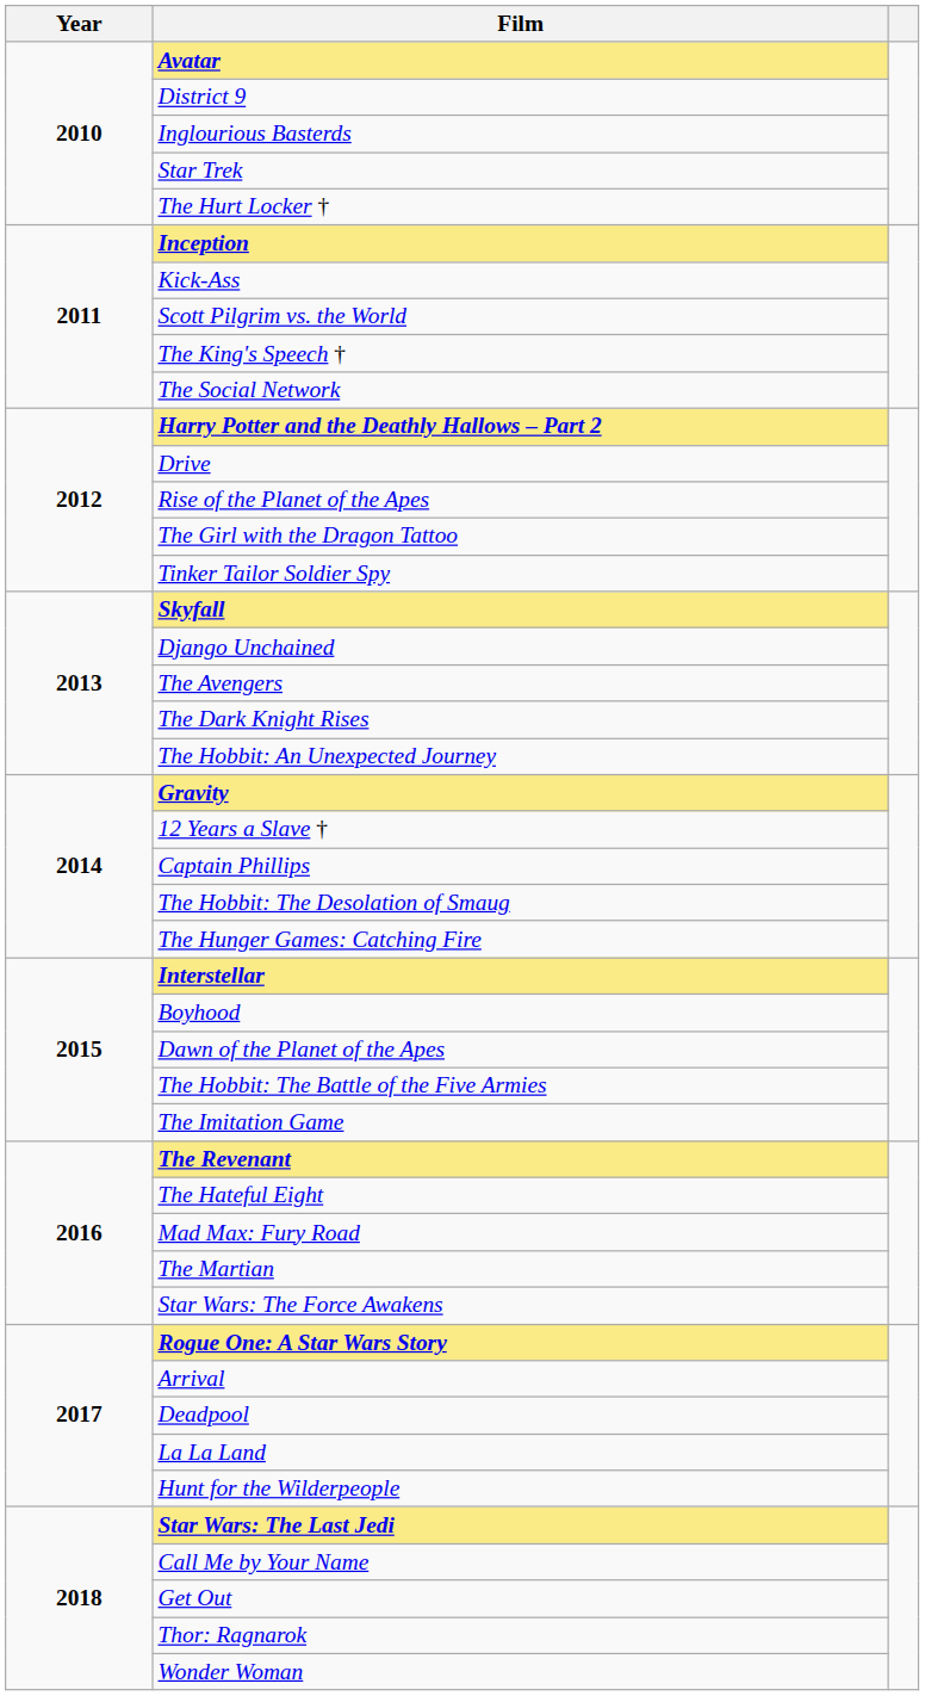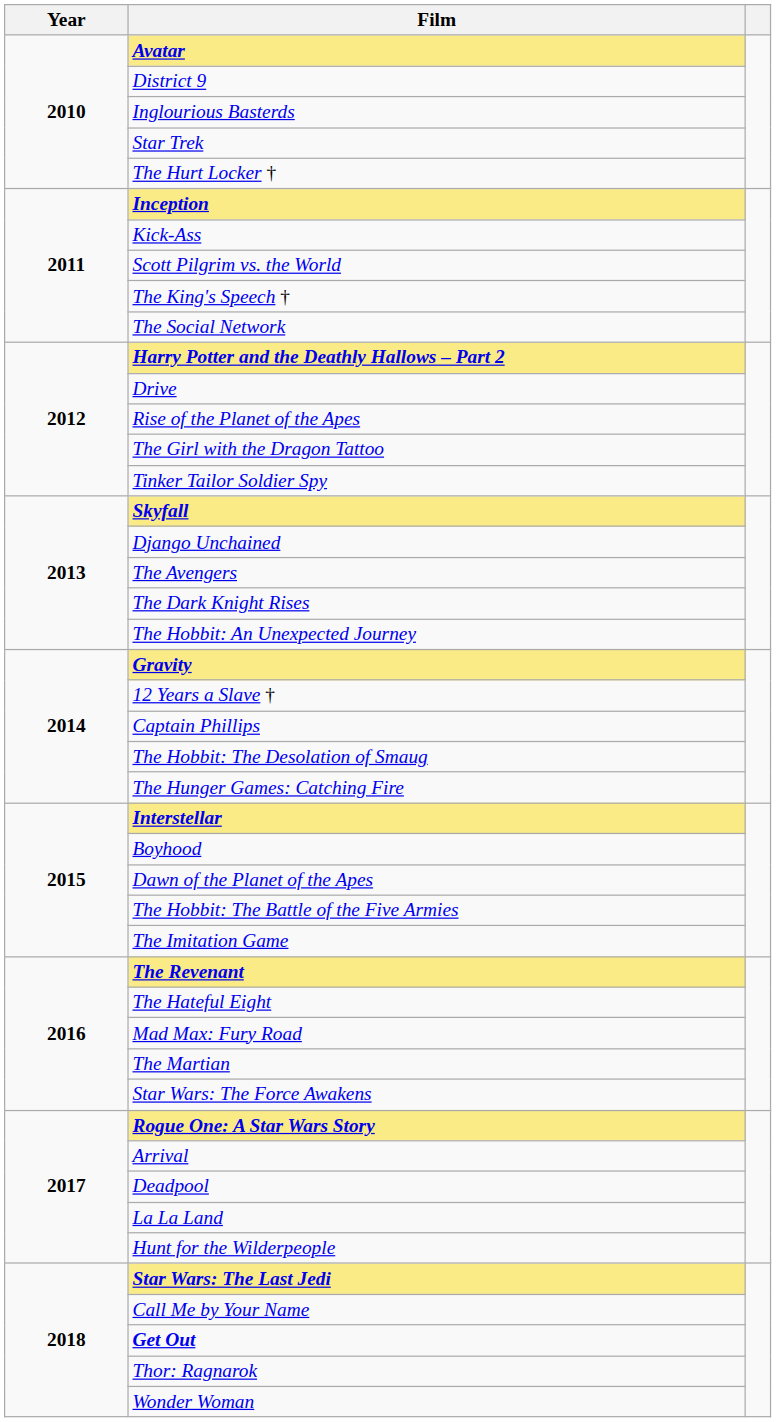 <table class="wikitable" width="40%">
 <tr>
 <th width="10%">Year</th>
 <th width="50%">Film</th>
 <th width="2%"></th>
 </tr>
 <tr>
 <td rowspan="5" style="text-align:center"><strong>2010<br> </strong></td>
 <td style="background:#FAEB86"><strong><em><a href='#'>Avatar</a></em></strong></td>
 <td rowspan="5" style="text-align:center"></td>
 </tr>
 <tr>
 <td><em><a href='#'>District 9</a></em></td>
 </tr>
 <tr>
 <td><em><a href='#'>Inglourious Basterds</a></em></td>
 </tr>
 <tr>
 <td><em><a href='#'>Star Trek</a></em></td>
 </tr>
 <tr>
 <td><em><a href='#'>The Hurt Locker</a></em> †</td>
 </tr>
 <tr>
 <td rowspan="5" style="text-align:center"><strong>2011<br> </strong></td>
 <td style="background:#FAEB86"><strong><em><a href='#'>Inception</a></em></strong></td>
 <td rowspan="5" style="text-align:center"></td>
 </tr>
 <tr>
 <td><em><a href='#'>Kick-Ass</a></em></td>
 </tr>
 <tr>
 <td><em><a href='#'>Scott Pilgrim vs. the World</a></em></td>
 </tr>
 <tr>
 <td><em><a href='#'>The King's Speech</a></em> †</td>
 </tr>
 <tr>
 <td><em><a href='#'>The Social Network</a></em></td>
 </tr>
 <tr>
 <td rowspan="5" style="text-align:center"><strong>2012<br> </strong></td>
 <td style="background:#FAEB86"><strong><em><a href='#'>Harry Potter and the Deathly Hallows – Part 2</a></em></strong></td>
 <td rowspan="5" style="text-align:center"></td>
 </tr>
 <tr>
 <td><em><a href='#'>Drive</a></em></td>
 </tr>
 <tr>
 <td><em><a href='#'>Rise of the Planet of the Apes</a></em></td>
 </tr>
 <tr>
 <td><em><a href='#'>The Girl with the Dragon Tattoo</a></em></td>
 </tr>
 <tr>
 <td><em><a href='#'>Tinker Tailor Soldier Spy</a></em></td>
 </tr>
 <tr>
 <td rowspan="5" style="text-align:center"><strong>2013<br> </strong></td>
 <td style="background:#FAEB86"><strong><em><a href='#'>Skyfall</a></em></strong></td>
 <td rowspan="5" style="text-align:center"></td>
 </tr>
 <tr>
 <td><em><a href='#'>Django Unchained</a></em></td>
 </tr>
 <tr>
 <td><em><a href='#'>The Avengers</a></em></td>
 </tr>
 <tr>
 <td><em><a href='#'>The Dark Knight Rises</a></em></td>
 </tr>
 <tr>
 <td><em><a href='#'>The Hobbit: An Unexpected Journey</a></em></td>
 </tr>
 <tr>
 <td rowspan="5" style="text-align:center"><strong>2014<br> </strong></td>
 <td style="background:#FAEB86"><strong><em><a href='#'>Gravity</a></em></strong></td>
 <td rowspan="5" style="text-align:center"></td>
 </tr>
 <tr>
 <td><em><a href='#'>12 Years a Slave</a></em> †</td>
 </tr>
 <tr>
 <td><em><a href='#'>Captain Phillips</a></em></td>
 </tr>
 <tr>
 <td><em><a href='#'>The Hobbit: The Desolation of Smaug</a></em></td>
 </tr>
 <tr>
 <td><em><a href='#'>The Hunger Games: Catching Fire</a></em></td>
 </tr>
 <tr>
 <td rowspan="5" style="text-align:center"><strong>2015<br> </strong></td>
 <td style="background:#FAEB86"><strong><em><a href='#'>Interstellar</a></em></strong></td>
 <td rowspan="5" style="text-align:center"></td>
 </tr>
 <tr>
 <td><em><a href='#'>Boyhood</a></em></td>
 </tr>
 <tr>
 <td><em><a href='#'>Dawn of the Planet of the Apes</a></em></td>
 </tr>
 <tr>
 <td><em><a href='#'>The Hobbit: The Battle of the Five Armies</a></em></td>
 </tr>
 <tr>
 <td><em><a href='#'>The Imitation Game</a></em></td>
 </tr>
 <tr>
 <td rowspan="5" style="text-align:center"><strong>2016<br> </strong></td>
 <td style="background:#FAEB86"><strong><em><a href='#'>The Revenant</a></em></strong></td>
 <td rowspan="5" style="text-align:center"></td>
 </tr>
 <tr>
 <td><em><a href='#'>The Hateful Eight</a></em></td>
 </tr>
 <tr>
 <td><em><a href='#'>Mad Max: Fury Road</a></em></td>
 </tr>
 <tr>
 <td><em><a href='#'>The Martian</a></em></td>
 </tr>
 <tr>
 <td><em><a href='#'>Star Wars: The Force Awakens</a></em></td>
 </tr>
 <tr>
 <td rowspan="5" style="text-align:center"><strong>2017<br> </strong></td>
 <td style="background:#FAEB86"><strong><em><a href='#'>Rogue One: A Star Wars Story</a></em></strong></td>
 <td rowspan="5" style="text-align:center"></td>
 </tr>
 <tr>
 <td><em><a href='#'>Arrival</a></em></td>
 </tr>
 <tr>
 <td><em><a href='#'>Deadpool</a></em></td>
 </tr>
 <tr>
 <td><em><a href='#'>La La Land</a></em></td>
 </tr>
 <tr>
 <td><em><a href='#'>Hunt for the Wilderpeople</a></em></td>
 </tr>
 <tr>
 <td rowspan="5" style="text-align:center"><strong>2018<br> </strong></td>
 <td style="background:#FAEB86"><strong><em><a href='#'>Star Wars: The Last Jedi</a></em></strong></td>
 <td rowspan="5" style="text-align:center"></td>
 </tr>
 <tr>
 <td><em><a href='#'>Call Me by Your Name</a></em></td>
 </tr>
 <tr>
-<td><em><a href='#'>Get Out</a></em></td>
+<td><strong><em><a href='#'>Get Out</a></em></strong></td>
 </tr>
 <tr>
 <td><em><a href='#'>Thor: Ragnarok</a></em></td>
 </tr>
 <tr>
 <td><em><a href='#'>Wonder Woman</a></em></td>
 </tr>
 </table>
